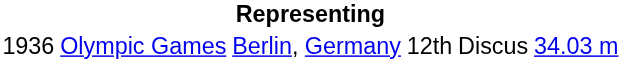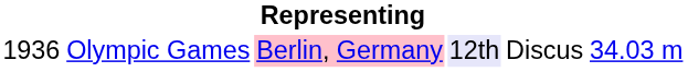 <table>
 <tr>
 <th colspan="6">Representing </th>
 </tr>
 <tr>
 <td rowspan=2>1936</td>
 <td><a href='#'>Olympic Games</a></td>
-<td><a href='#'>Berlin</a>, <a href='#'>Germany</a></td>
-<td>12th</td>
+<td style="background: pink;"><a href='#'>Berlin</a>, <a href='#'>Germany</a></td>
+<td style="background: lavender;">12th</td>
 <td>Discus</td>
 <td><a href='#'>34.03 m</a></td>
 </tr>
 </table>
